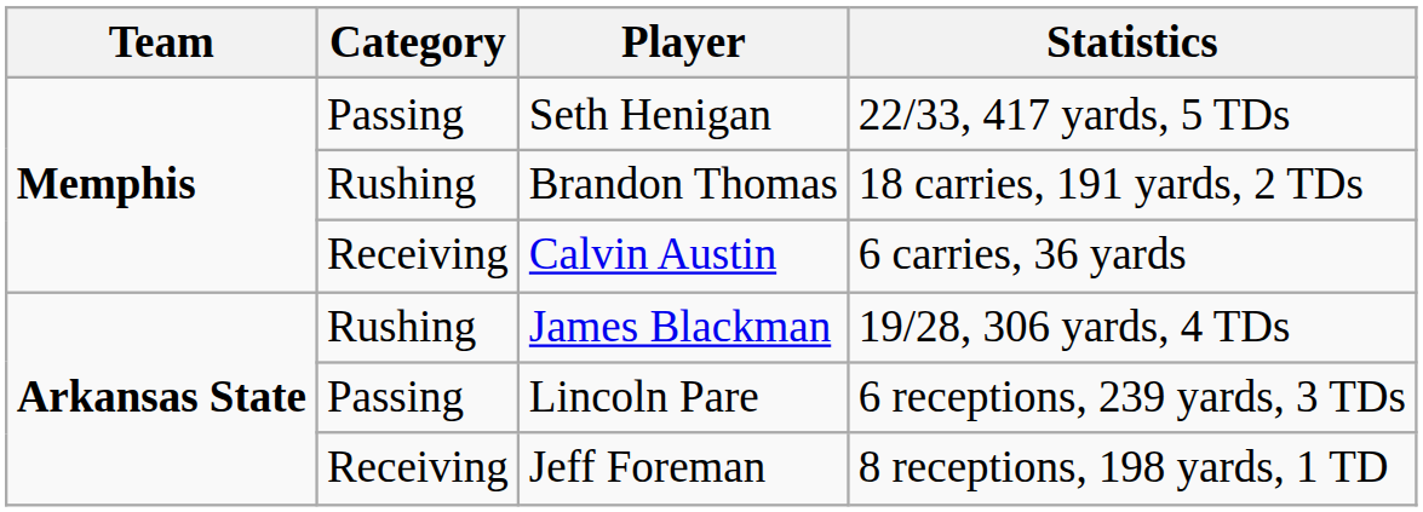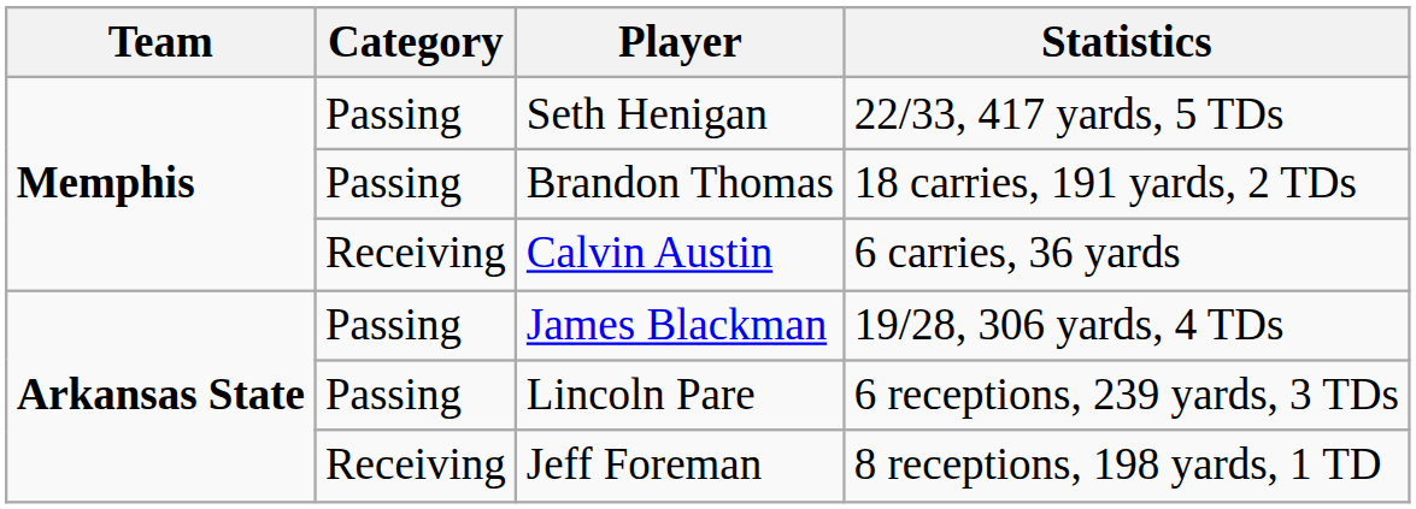 <table class="wikitable" style="float: left;">
 <tr>
 <th>Team</th>
 <th>Category</th>
 <th>Player</th>
 <th>Statistics</th>
 </tr>
 <tr>
 <td rowspan=3><strong>Memphis</strong></td>
 <td>Passing</td>
 <td>Seth Henigan</td>
 <td>22/33, 417 yards, 5 TDs</td>
 </tr>
 <tr>
-<td>Rushing</td>
+<td>Passing</td>
 <td>Brandon Thomas</td>
 <td>18 carries, 191 yards, 2 TDs</td>
 </tr>
 <tr>
 <td>Receiving</td>
 <td><a href='#'>Calvin Austin</a></td>
 <td>6 carries, 36 yards</td>
 </tr>
 <tr>
 <td rowspan=3><strong>Arkansas State</strong></td>
-<td>Rushing</td>
+<td>Passing</td>
 <td><a href='#'>James Blackman</a></td>
 <td>19/28, 306 yards, 4 TDs</td>
 </tr>
 <tr>
 <td>Passing</td>
 <td>Lincoln Pare</td>
 <td>6 receptions, 239 yards, 3 TDs</td>
 </tr>
 <tr>
 <td>Receiving</td>
 <td>Jeff Foreman</td>
 <td>8 receptions, 198 yards, 1 TD</td>
 </tr>
 </table>
